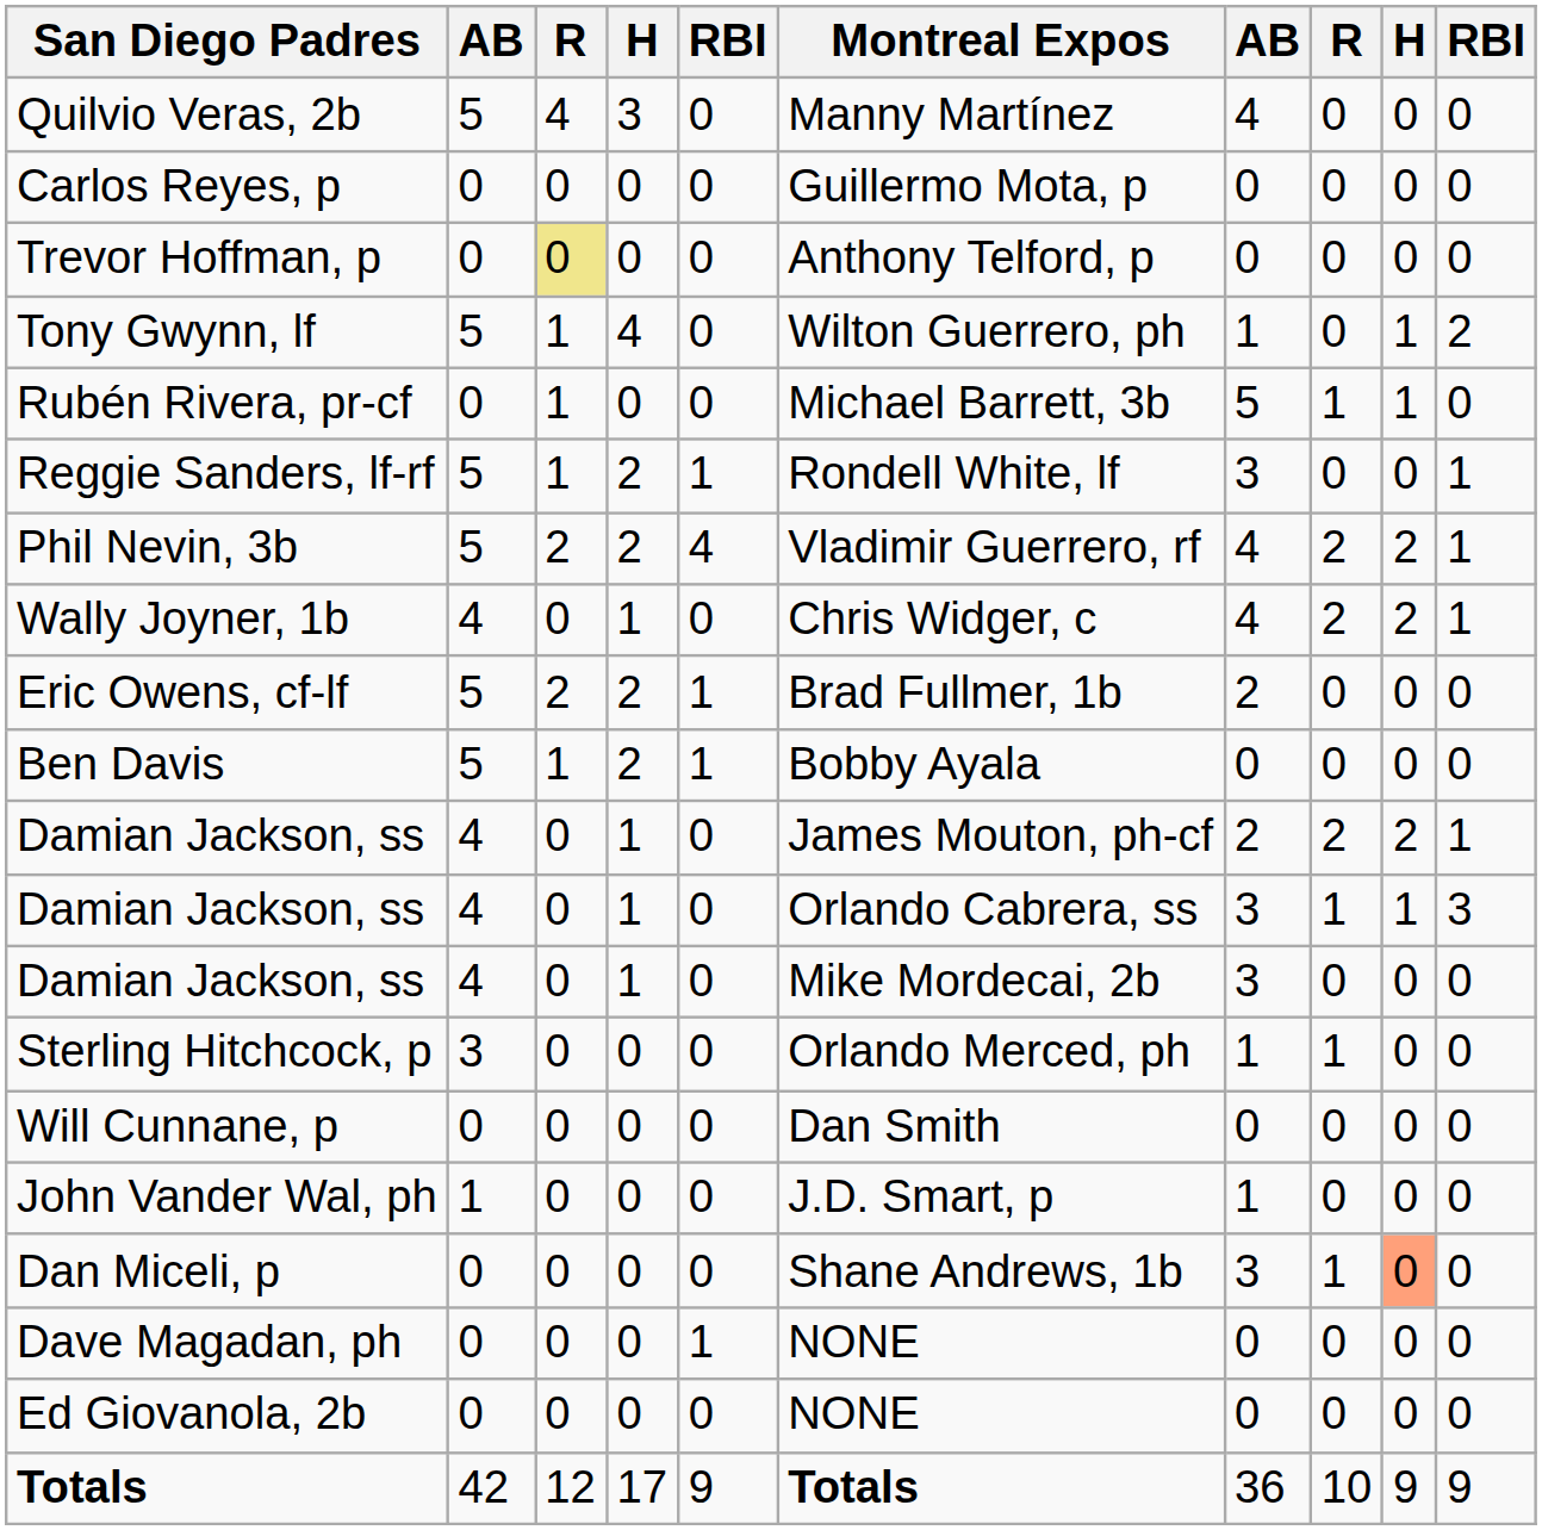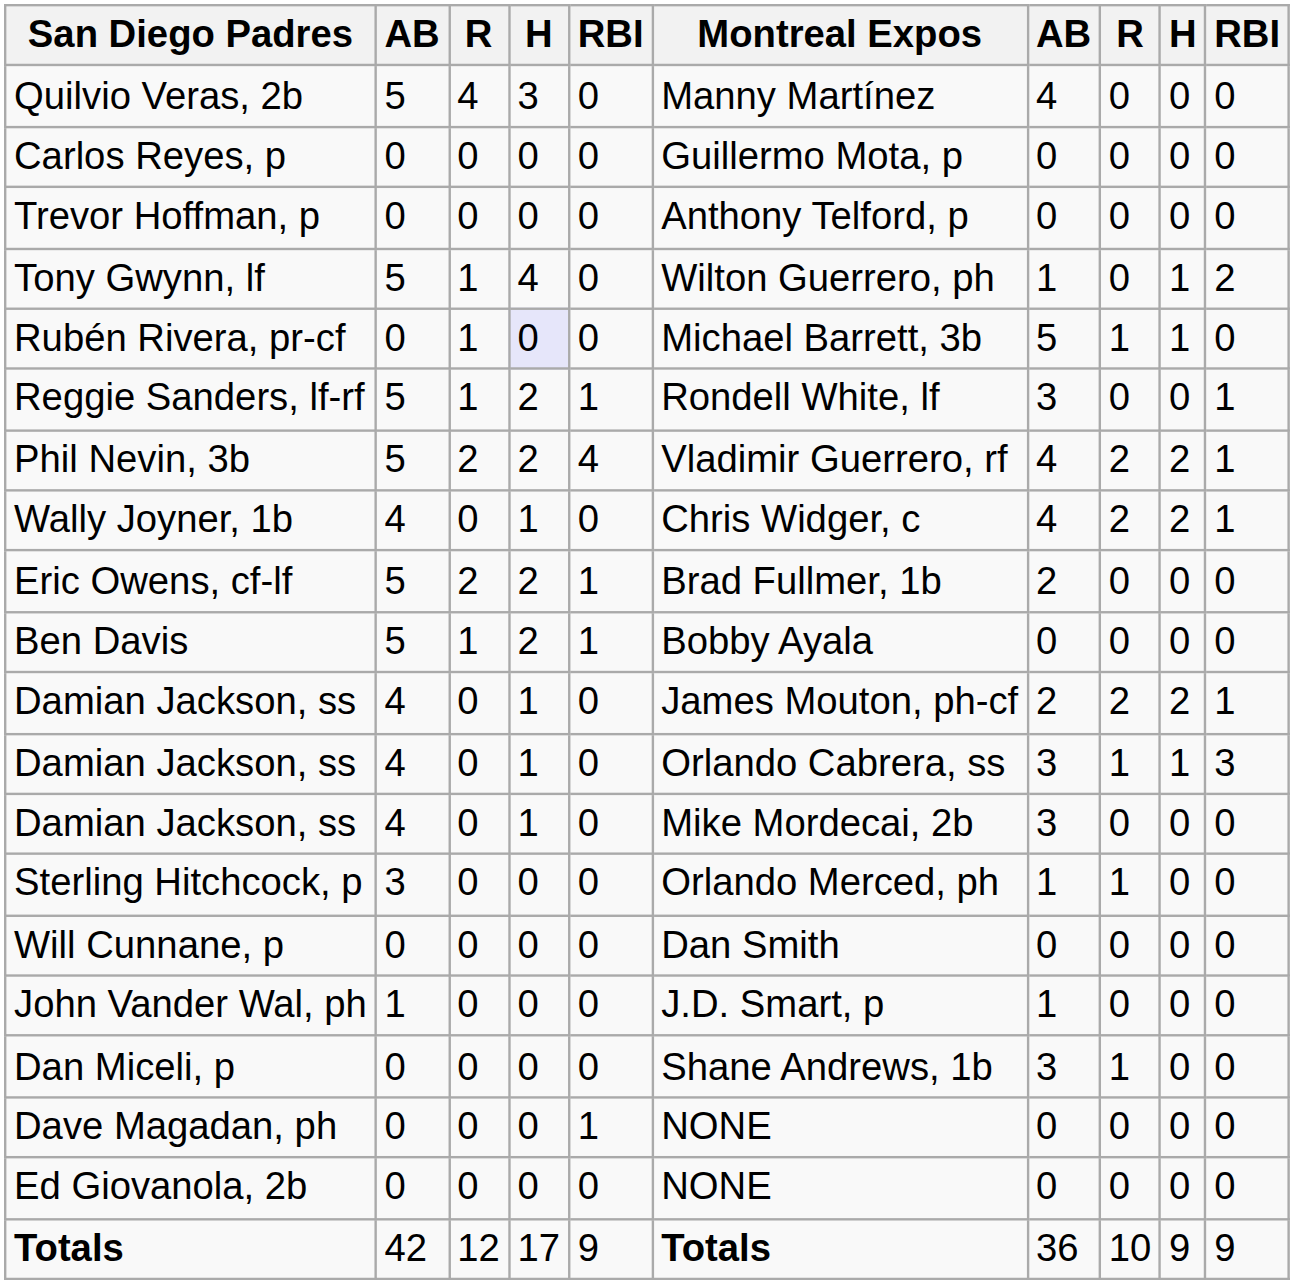 <table class="wikitable sortable">
 <tr>
 <th><strong>San Diego Padres</strong></th>
 <th>AB</th>
 <th>R</th>
 <th>H</th>
 <th>RBI</th>
 <th><strong>Montreal Expos</strong></th>
 <th>AB</th>
 <th>R</th>
 <th>H</th>
 <th>RBI</th>
 </tr>
 <tr>
 <td>Quilvio Veras, 2b</td>
 <td>5</td>
 <td>4</td>
 <td>3</td>
 <td>0</td>
 <td>Manny Martínez</td>
 <td>4</td>
 <td>0</td>
 <td>0</td>
 <td>0</td>
 </tr>
 <tr>
 <td>Carlos Reyes, p</td>
 <td>0</td>
 <td>0</td>
 <td>0</td>
 <td>0</td>
 <td>Guillermo Mota, p</td>
 <td>0</td>
 <td>0</td>
 <td>0</td>
 <td>0</td>
 </tr>
 <tr>
 <td>Trevor Hoffman, p</td>
 <td>0</td>
-<td style="background: khaki;">0</td>
+<td>0</td>
 <td>0</td>
 <td>0</td>
 <td>Anthony Telford, p</td>
 <td>0</td>
 <td>0</td>
 <td>0</td>
 <td>0</td>
 </tr>
 <tr>
 <td>Tony Gwynn, lf</td>
 <td>5</td>
 <td>1</td>
 <td>4</td>
 <td>0</td>
 <td>Wilton Guerrero, ph</td>
 <td>1</td>
 <td>0</td>
 <td>1</td>
 <td>2</td>
 </tr>
 <tr>
 <td>Rubén Rivera, pr-cf</td>
 <td>0</td>
 <td>1</td>
-<td>0</td>
+<td style="background: lavender;">0</td>
 <td>0</td>
 <td>Michael Barrett, 3b</td>
 <td>5</td>
 <td>1</td>
 <td>1</td>
 <td>0</td>
 </tr>
 <tr>
 <td>Reggie Sanders, lf-rf</td>
 <td>5</td>
 <td>1</td>
 <td>2</td>
 <td>1</td>
 <td>Rondell White, lf</td>
 <td>3</td>
 <td>0</td>
 <td>0</td>
 <td>1</td>
 </tr>
 <tr>
 <td>Phil Nevin, 3b</td>
 <td>5</td>
 <td>2</td>
 <td>2</td>
 <td>4</td>
 <td>Vladimir Guerrero, rf</td>
 <td>4</td>
 <td>2</td>
 <td>2</td>
 <td>1</td>
 </tr>
 <tr>
 <td>Wally Joyner, 1b</td>
 <td>4</td>
 <td>0</td>
 <td>1</td>
 <td>0</td>
 <td>Chris Widger, c</td>
 <td>4</td>
 <td>2</td>
 <td>2</td>
 <td>1</td>
 </tr>
 <tr>
 <td>Eric Owens, cf-lf</td>
 <td>5</td>
 <td>2</td>
 <td>2</td>
 <td>1</td>
 <td>Brad Fullmer, 1b</td>
 <td>2</td>
 <td>0</td>
 <td>0</td>
 <td>0</td>
 </tr>
 <tr>
 <td>Ben Davis</td>
 <td>5</td>
 <td>1</td>
 <td>2</td>
 <td>1</td>
 <td>Bobby Ayala</td>
 <td>0</td>
 <td>0</td>
 <td>0</td>
 <td>0</td>
 </tr>
 <tr>
 <td>Damian Jackson, ss</td>
 <td>4</td>
 <td>0</td>
 <td>1</td>
 <td>0</td>
 <td>James Mouton, ph-cf</td>
 <td>2</td>
 <td>2</td>
 <td>2</td>
 <td>1</td>
 </tr>
 <tr>
 <td>Damian Jackson, ss</td>
 <td>4</td>
 <td>0</td>
 <td>1</td>
 <td>0</td>
 <td>Orlando Cabrera, ss</td>
 <td>3</td>
 <td>1</td>
 <td>1</td>
 <td>3</td>
 </tr>
 <tr>
 <td>Damian Jackson, ss</td>
 <td>4</td>
 <td>0</td>
 <td>1</td>
 <td>0</td>
 <td>Mike Mordecai, 2b</td>
 <td>3</td>
 <td>0</td>
 <td>0</td>
 <td>0</td>
 </tr>
 <tr>
 <td>Sterling Hitchcock, p</td>
 <td>3</td>
 <td>0</td>
 <td>0</td>
 <td>0</td>
 <td>Orlando Merced, ph</td>
 <td>1</td>
 <td>1</td>
 <td>0</td>
 <td>0</td>
 </tr>
 <tr>
 <td>Will Cunnane, p</td>
 <td>0</td>
 <td>0</td>
 <td>0</td>
 <td>0</td>
 <td>Dan Smith</td>
 <td>0</td>
 <td>0</td>
 <td>0</td>
 <td>0</td>
 </tr>
 <tr>
 <td>John Vander Wal, ph</td>
 <td>1</td>
 <td>0</td>
 <td>0</td>
 <td>0</td>
 <td>J.D. Smart, p</td>
 <td>1</td>
 <td>0</td>
 <td>0</td>
 <td>0</td>
 </tr>
 <tr>
 <td>Dan Miceli, p</td>
 <td>0</td>
 <td>0</td>
 <td>0</td>
 <td>0</td>
 <td>Shane Andrews, 1b</td>
 <td>3</td>
 <td>1</td>
-<td style="background: lightsalmon;">0</td>
+<td>0</td>
 <td>0</td>
 </tr>
 <tr>
 <td>Dave Magadan, ph</td>
 <td>0</td>
 <td>0</td>
 <td>0</td>
 <td>1</td>
 <td>NONE</td>
 <td>0</td>
 <td>0</td>
 <td>0</td>
 <td>0</td>
 </tr>
 <tr>
 <td>Ed Giovanola, 2b</td>
 <td>0</td>
 <td>0</td>
 <td>0</td>
 <td>0</td>
 <td>NONE</td>
 <td>0</td>
 <td>0</td>
 <td>0</td>
 <td>0</td>
 </tr>
 <tr>
 <td><strong>Totals</strong></td>
 <td>42</td>
 <td>12</td>
 <td>17</td>
 <td>9</td>
 <td><strong>Totals</strong></td>
 <td>36</td>
 <td>10</td>
 <td>9</td>
 <td>9</td>
 </tr>
 <tr>
 </tr>
 </table>
